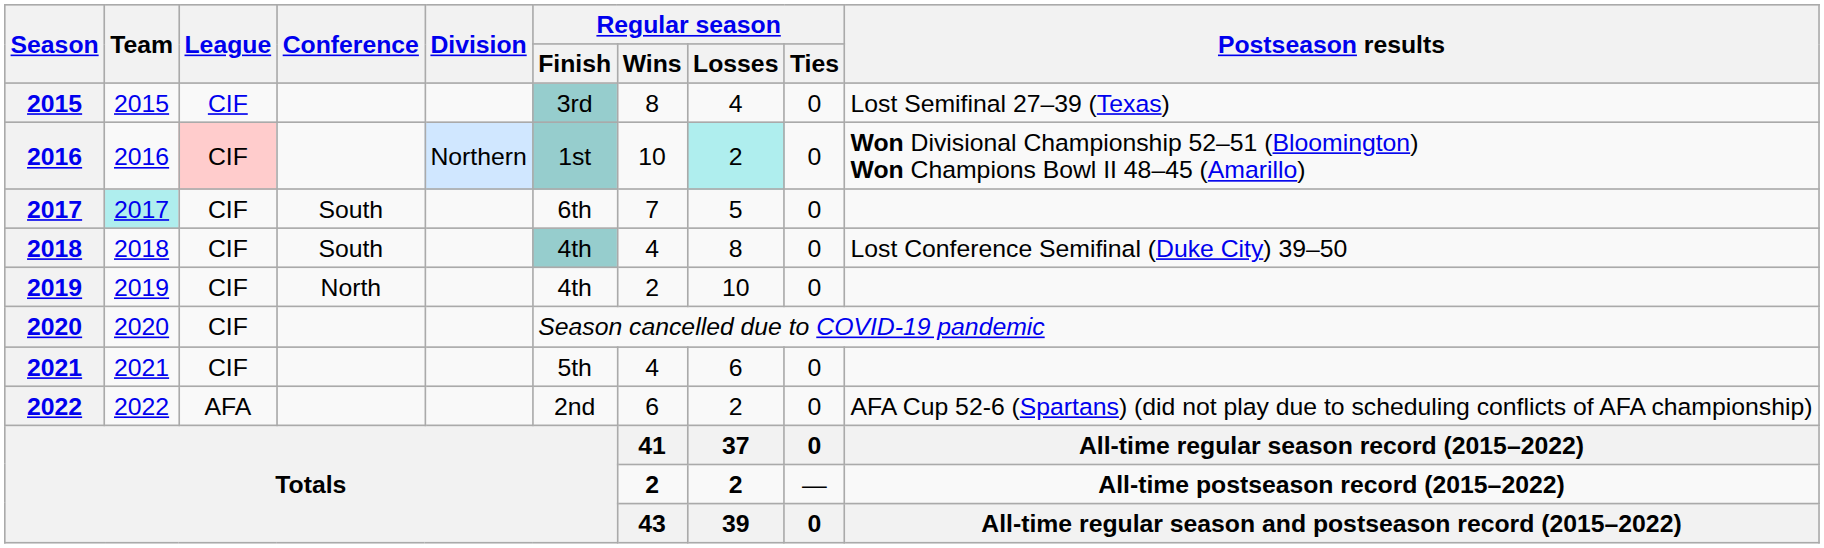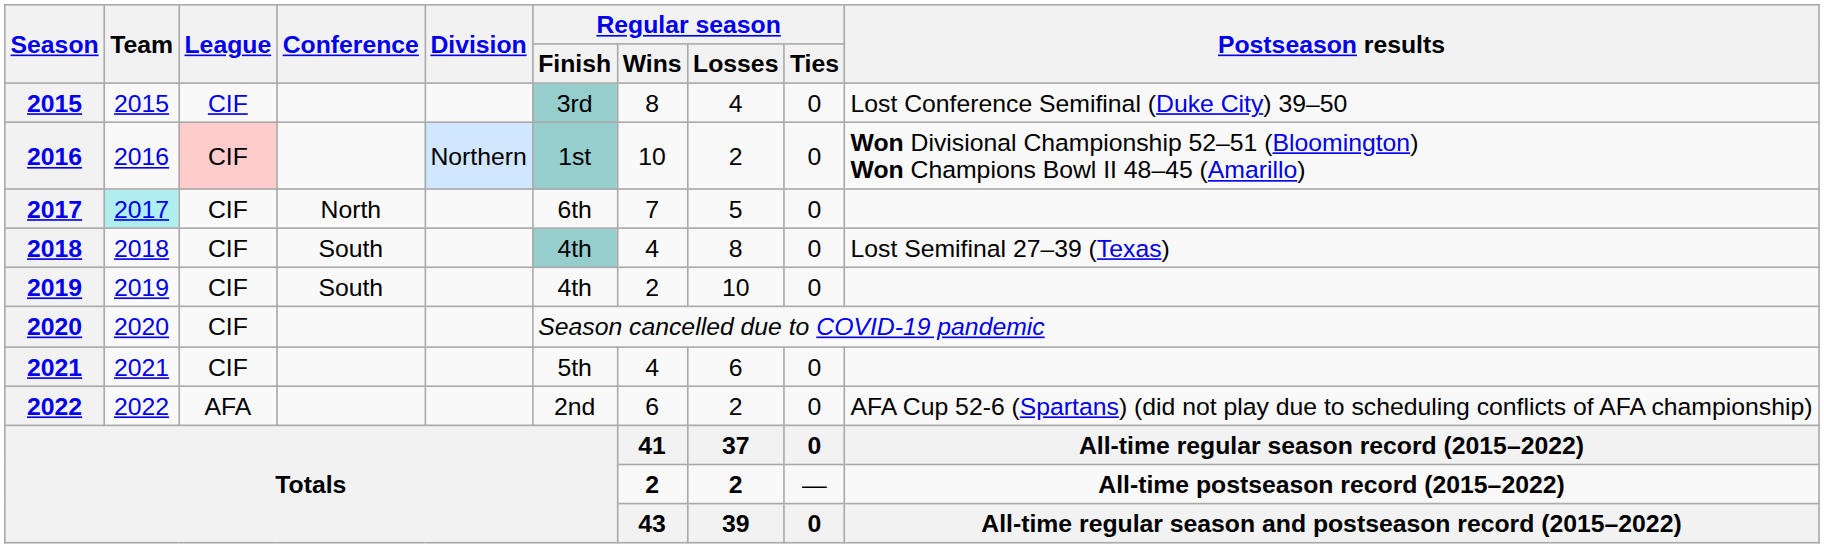 <table class="wikitable" style="text-align:center; font-size: 95%;">
 <tr>
 <th rowspan="2"><a href='#'>Season</a></th>
 <th rowspan="2">Team</th>
 <th rowspan="2"><a href='#'>League</a></th>
 <th rowspan="2"><a href='#'>Conference</a></th>
 <th rowspan="2"><a href='#'>Division</a></th>
 <th colspan="4"><a href='#'>Regular season</a></th>
 <th rowspan="2"><a href='#'>Postseason</a> results</th>
 </tr>
 <tr>
 <th>Finish</th>
 <th>Wins</th>
 <th>Losses</th>
 <th>Ties</th>
 </tr>
 <tr>
 <th><a href='#'>2015</a></th>
 <td><a href='#'>2015</a></td>
 <td><a href='#'>CIF</a></td>
 <td></td>
 <td></td>
 <td bgcolor=#96cdcd>3rd</td>
 <td>8</td>
 <td>4</td>
 <td>0</td>
-<td style="text-align:left">Lost Semifinal 27–39 (<a href='#'>Texas</a>)</td>
+<td style="text-align:left">Lost Conference Semifinal (<a href='#'>Duke City</a>) 39–50</td>
 </tr>
 <tr>
 <th><a href='#'>2016</a></th>
 <td><a href='#'>2016</a></td>
 <td bgcolor=#fcc>CIF</td>
 <td></td>
 <td bgcolor=#d0e7ff>Northern</td>
 <td bgcolor=#96cdcd>1st</td>
 <td>10</td>
-<td style="background: paleturquoise;">2</td>
+<td>2</td>
 <td>0</td>
 <td style="text-align:left"><strong>Won</strong> Divisional Championship 52–51 (<a href='#'>Bloomington</a>)<br><strong>Won</strong> Champions Bowl II 48–45 (<a href='#'>Amarillo</a>)</td>
 </tr>
 <tr>
 <th><a href='#'>2017</a></th>
 <td style="background: paleturquoise;"><a href='#'>2017</a></td>
 <td>CIF</td>
-<td>South</td>
+<td>North</td>
 <td></td>
 <td>6th</td>
 <td>7</td>
 <td>5</td>
 <td>0</td>
 <td style="text-align:left"></td>
 </tr>
 <tr>
 <th><a href='#'>2018</a></th>
 <td><a href='#'>2018</a></td>
 <td>CIF</td>
 <td>South</td>
 <td></td>
 <td bgcolor=#96cdcd>4th</td>
 <td>4</td>
 <td>8</td>
 <td>0</td>
-<td style="text-align:left">Lost Conference Semifinal (<a href='#'>Duke City</a>) 39–50</td>
+<td style="text-align:left">Lost Semifinal 27–39 (<a href='#'>Texas</a>)</td>
 </tr>
 <tr>
 <th><a href='#'>2019</a></th>
 <td><a href='#'>2019</a></td>
 <td>CIF</td>
-<td>North</td>
+<td>South</td>
 <td></td>
 <td>4th</td>
 <td>2</td>
 <td>10</td>
 <td>0</td>
 <td style="text-align:left"></td>
 </tr>
 <tr>
 <th><a href='#'>2020</a></th>
 <td><a href='#'>2020</a></td>
 <td>CIF</td>
 <td></td>
 <td></td>
 <td colspan=5; align=left><em>Season cancelled due to <a href='#'>COVID-19 pandemic</a></em></td>
 </tr>
 <tr>
 <th><a href='#'>2021</a></th>
 <td><a href='#'>2021</a></td>
 <td>CIF</td>
 <td></td>
 <td></td>
 <td>5th</td>
 <td>4</td>
 <td>6</td>
 <td>0</td>
 <td style="text-align:left"></td>
 </tr>
 <tr>
 <th><a href='#'>2022</a></th>
 <td><a href='#'>2022</a></td>
 <td>AFA</td>
 <td></td>
 <td></td>
 <td>2nd</td>
 <td>6</td>
 <td>2</td>
 <td>0</td>
 <td style="text-align:left">AFA Cup 52-6 (<a href='#'>Spartans</a>) (did not play due to scheduling conflicts of AFA championship)</td>
 </tr>
 <tr>
 <th rowspan="3" colspan="6">Totals</th>
 <th>41</th>
 <th>37</th>
 <th>0</th>
 <th>All-time regular season record (2015–2022)</th>
 </tr>
 <tr>
 <td><strong>2</strong></td>
 <td><strong>2</strong></td>
 <td>—</td>
 <td><strong>All-time postseason record (2015–2022)</strong></td>
 </tr>
 <tr>
 <th>43</th>
 <th>39</th>
 <th>0</th>
 <th>All-time regular season and postseason record (2015–2022)</th>
 </tr>
 </table>
